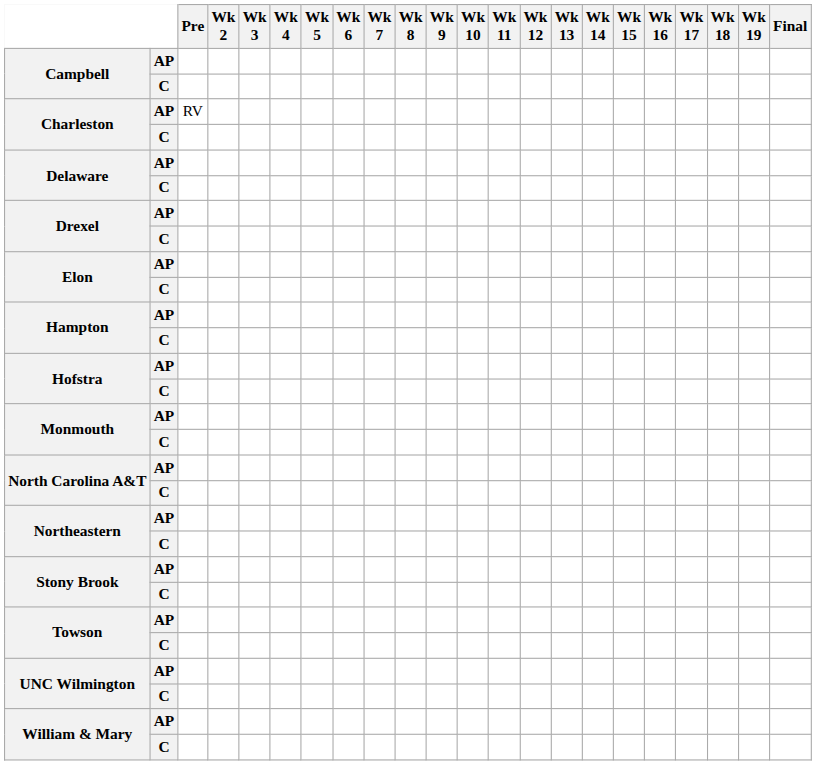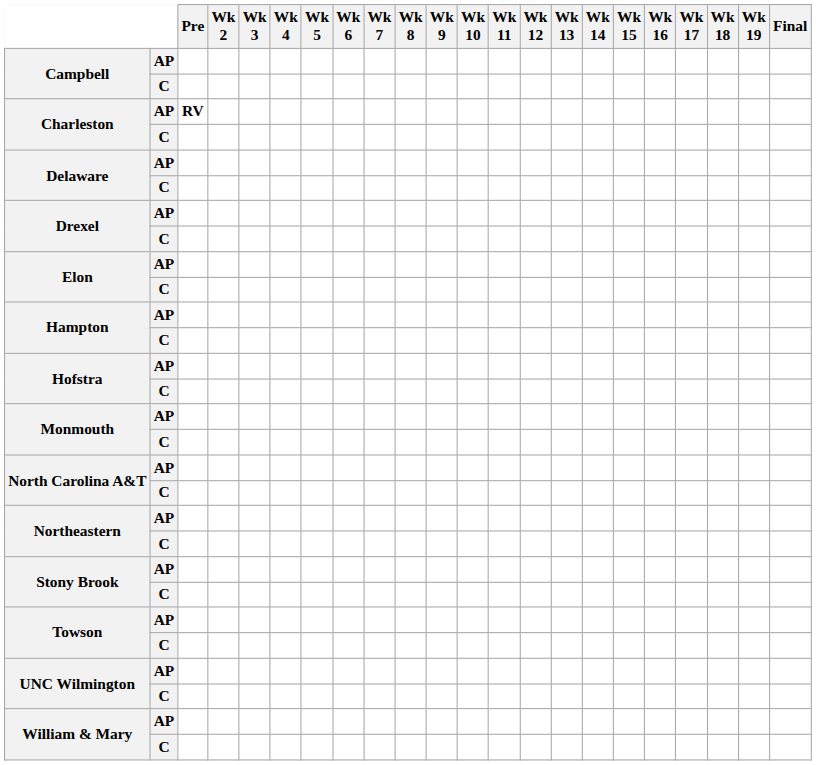 <table class="wikitable" style="white-space:nowrap;font-size:90%;">
 <tr>
 <th colspan="2" style="background:white; border-top-style:hidden; border-left-style:hidden;"> </th>
 <th>Pre</th>
 <th>Wk<br>2</th>
 <th>Wk<br>3</th>
 <th>Wk<br>4</th>
 <th>Wk<br>5</th>
 <th>Wk<br>6</th>
 <th>Wk<br>7</th>
 <th>Wk<br>8</th>
 <th>Wk<br>9</th>
 <th>Wk<br>10</th>
 <th>Wk<br>11</th>
 <th>Wk<br>12</th>
 <th>Wk<br>13</th>
 <th>Wk<br>14</th>
 <th>Wk<br>15</th>
 <th>Wk<br>16</th>
 <th>Wk<br>17</th>
 <th>Wk<br>18</th>
 <th>Wk<br>19</th>
 <th>Final</th>
 </tr>
 <tr style="text-align:center;">
 <th rowspan="2">Campbell</th>
 <th>AP</th>
 <td style="background:#FFF;"></td>
 <td style="background:#FFF;"></td>
 <td style="background:#FFF;"></td>
 <td style="background:#FFF;"></td>
 <td style="background:#FFF;"></td>
 <td style="background:#FFF;"></td>
 <td style="background:#FFF;"></td>
 <td style="background:#FFF;"></td>
 <td style="background:#FFF;"></td>
 <td style="background:#FFF;"></td>
 <td style="background:#FFF;"></td>
 <td style="background:#FFF;"></td>
 <td style="background:#FFF;"></td>
 <td style="background:#FFF;"></td>
 <td style="background:#FFF;"></td>
 <td style="background:#FFF;"></td>
 <td style="background:#FFF;"></td>
 <td style="background:#FFF;"></td>
 <td style="background:#FFF;"></td>
 <td style="background:#FFF;"></td>
 </tr>
 <tr style="text-align:center;">
 <th>C</th>
 <td style="background:#FFF;"></td>
 <td style="background:#FFF;"></td>
 <td style="background:#FFF;"></td>
 <td style="background:#FFF;"></td>
 <td style="background:#FFF;"></td>
 <td style="background:#FFF;"></td>
 <td style="background:#FFF;"></td>
 <td style="background:#FFF;"></td>
 <td style="background:#FFF;"></td>
 <td style="background:#FFF;"></td>
 <td style="background:#FFF;"></td>
 <td style="background:#FFF;"></td>
 <td style="background:#FFF;"></td>
 <td style="background:#FFF;"></td>
 <td style="background:#FFF;"></td>
 <td style="background:#FFF;"></td>
 <td style="background:#FFF;"></td>
 <td style="background:#FFF;"></td>
 <td style="background:#FFF;"></td>
 <td style="background:#FFF;"></td>
 </tr>
 <tr style="text-align:center;">
 <th rowspan="2">Charleston</th>
 <th>AP</th>
-<td style="background:#FFF;">RV</td>
+<td style="background:#FFF;"><strong>RV</strong></td>
 <td style="background:#FFF;"></td>
 <td style="background:#FFF;"></td>
 <td style="background:#FFF;"></td>
 <td style="background:#FFF;"></td>
 <td style="background:#FFF;"></td>
 <td style="background:#FFF;"></td>
 <td style="background:#FFF;"></td>
 <td style="background:#FFF;"></td>
 <td style="background:#FFF;"></td>
 <td style="background:#FFF;"></td>
 <td style="background:#FFF;"></td>
 <td style="background:#FFF;"></td>
 <td style="background:#FFF;"></td>
 <td style="background:#FFF;"></td>
 <td style="background:#FFF;"></td>
 <td style="background:#FFF;"></td>
 <td style="background:#FFF;"></td>
 <td style="background:#FFF;"></td>
 <td style="background:#FFF;"></td>
 </tr>
 <tr style="text-align:center;">
 <th>C</th>
 <td style="background:#FFF;"></td>
 <td style="background:#FFF;"></td>
 <td style="background:#FFF;"></td>
 <td style="background:#FFF;"></td>
 <td style="background:#FFF;"></td>
 <td style="background:#FFF;"></td>
 <td style="background:#FFF;"></td>
 <td style="background:#FFF;"></td>
 <td style="background:#FFF;"></td>
 <td style="background:#FFF;"></td>
 <td style="background:#FFF;"></td>
 <td style="background:#FFF;"></td>
 <td style="background:#FFF;"></td>
 <td style="background:#FFF;"></td>
 <td style="background:#FFF;"></td>
 <td style="background:#FFF;"></td>
 <td style="background:#FFF;"></td>
 <td style="background:#FFF;"></td>
 <td style="background:#FFF;"></td>
 <td style="background:#FFF;"></td>
 </tr>
 <tr style="text-align:center;">
 <th rowspan="2">Delaware</th>
 <th>AP</th>
 <td style="background:#FFF;"></td>
 <td style="background:#FFF;"></td>
 <td style="background:#FFF;"></td>
 <td style="background:#FFF;"></td>
 <td style="background:#FFF;"></td>
 <td style="background:#FFF;"></td>
 <td style="background:#FFF;"></td>
 <td style="background:#FFF;"></td>
 <td style="background:#FFF;"></td>
 <td style="background:#FFF;"></td>
 <td style="background:#FFF;"></td>
 <td style="background:#FFF;"></td>
 <td style="background:#FFF;"></td>
 <td style="background:#FFF;"></td>
 <td style="background:#FFF;"></td>
 <td style="background:#FFF;"></td>
 <td style="background:#FFF;"></td>
 <td style="background:#FFF;"></td>
 <td style="background:#FFF;"></td>
 <td style="background:#FFF;"></td>
 </tr>
 <tr style="text-align:center;">
 <th>C</th>
 <td style="background:#FFF;"></td>
 <td style="background:#FFF;"></td>
 <td style="background:#FFF;"></td>
 <td style="background:#FFF;"></td>
 <td style="background:#FFF;"></td>
 <td style="background:#FFF;"></td>
 <td style="background:#FFF;"></td>
 <td style="background:#FFF;"></td>
 <td style="background:#FFF;"></td>
 <td style="background:#FFF;"></td>
 <td style="background:#FFF;"></td>
 <td style="background:#FFF;"></td>
 <td style="background:#FFF;"></td>
 <td style="background:#FFF;"></td>
 <td style="background:#FFF;"></td>
 <td style="background:#FFF;"></td>
 <td style="background:#FFF;"></td>
 <td style="background:#FFF;"></td>
 <td style="background:#FFF;"></td>
 <td style="background:#FFF;"></td>
 </tr>
 <tr style="text-align:center;">
 <th rowspan="2">Drexel</th>
 <th>AP</th>
 <td style="background:#FFF;"></td>
 <td style="background:#FFF;"></td>
 <td style="background:#FFF;"></td>
 <td style="background:#FFF;"></td>
 <td style="background:#FFF;"></td>
 <td style="background:#FFF;"></td>
 <td style="background:#FFF;"></td>
 <td style="background:#FFF;"></td>
 <td style="background:#FFF;"></td>
 <td style="background:#FFF;"></td>
 <td style="background:#FFF;"></td>
 <td style="background:#FFF;"></td>
 <td style="background:#FFF;"></td>
 <td style="background:#FFF;"></td>
 <td style="background:#FFF;"></td>
 <td style="background:#FFF;"></td>
 <td style="background:#FFF;"></td>
 <td style="background:#FFF;"></td>
 <td style="background:#FFF;"></td>
 <td style="background:#FFF;"></td>
 </tr>
 <tr style="text-align:center;">
 <th>C</th>
 <td style="background:#FFF;"></td>
 <td style="background:#FFF;"></td>
 <td style="background:#FFF;"></td>
 <td style="background:#FFF;"></td>
 <td style="background:#FFF;"></td>
 <td style="background:#FFF;"></td>
 <td style="background:#FFF;"></td>
 <td style="background:#FFF;"></td>
 <td style="background:#FFF;"></td>
 <td style="background:#FFF;"></td>
 <td style="background:#FFF;"></td>
 <td style="background:#FFF;"></td>
 <td style="background:#FFF;"></td>
 <td style="background:#FFF;"></td>
 <td style="background:#FFF;"></td>
 <td style="background:#FFF;"></td>
 <td style="background:#FFF;"></td>
 <td style="background:#FFF;"></td>
 <td style="background:#FFF;"></td>
 <td style="background:#FFF;"></td>
 </tr>
 <tr style="text-align:center;">
 <th rowspan="2">Elon</th>
 <th>AP</th>
 <td style="background:#FFF;"></td>
 <td style="background:#FFF;"></td>
 <td style="background:#FFF;"></td>
 <td style="background:#FFF;"></td>
 <td style="background:#FFF;"></td>
 <td style="background:#FFF;"></td>
 <td style="background:#FFF;"></td>
 <td style="background:#FFF;"></td>
 <td style="background:#FFF;"></td>
 <td style="background:#FFF;"></td>
 <td style="background:#FFF;"></td>
 <td style="background:#FFF;"></td>
 <td style="background:#FFF;"></td>
 <td style="background:#FFF;"></td>
 <td style="background:#FFF;"></td>
 <td style="background:#FFF;"></td>
 <td style="background:#FFF;"></td>
 <td style="background:#FFF;"></td>
 <td style="background:#FFF;"></td>
 <td style="background:#FFF;"></td>
 </tr>
 <tr style="text-align:center;">
 <th>C</th>
 <td style="background:#FFF;"></td>
 <td style="background:#FFF;"></td>
 <td style="background:#FFF;"></td>
 <td style="background:#FFF;"></td>
 <td style="background:#FFF;"></td>
 <td style="background:#FFF;"></td>
 <td style="background:#FFF;"></td>
 <td style="background:#FFF;"></td>
 <td style="background:#FFF;"></td>
 <td style="background:#FFF;"></td>
 <td style="background:#FFF;"></td>
 <td style="background:#FFF;"></td>
 <td style="background:#FFF;"></td>
 <td style="background:#FFF;"></td>
 <td style="background:#FFF;"></td>
 <td style="background:#FFF;"></td>
 <td style="background:#FFF;"></td>
 <td style="background:#FFF;"></td>
 <td style="background:#FFF;"></td>
 <td style="background:#FFF;"></td>
 </tr>
 <tr style="text-align:center;">
 <th rowspan="2">Hampton</th>
 <th>AP</th>
 <td style="background:#FFF;"></td>
 <td style="background:#FFF;"></td>
 <td style="background:#FFF;"></td>
 <td style="background:#FFF;"></td>
 <td style="background:#FFF;"></td>
 <td style="background:#FFF;"></td>
 <td style="background:#FFF;"></td>
 <td style="background:#FFF;"></td>
 <td style="background:#FFF;"></td>
 <td style="background:#FFF;"></td>
 <td style="background:#FFF;"></td>
 <td style="background:#FFF;"></td>
 <td style="background:#FFF;"></td>
 <td style="background:#FFF;"></td>
 <td style="background:#FFF;"></td>
 <td style="background:#FFF;"></td>
 <td style="background:#FFF;"></td>
 <td style="background:#FFF;"></td>
 <td style="background:#FFF;"></td>
 <td style="background:#FFF;"></td>
 </tr>
 <tr style="text-align:center;">
 <th>C</th>
 <td style="background:#FFF;"></td>
 <td style="background:#FFF;"></td>
 <td style="background:#FFF;"></td>
 <td style="background:#FFF;"></td>
 <td style="background:#FFF;"></td>
 <td style="background:#FFF;"></td>
 <td style="background:#FFF;"></td>
 <td style="background:#FFF;"></td>
 <td style="background:#FFF;"></td>
 <td style="background:#FFF;"></td>
 <td style="background:#FFF;"></td>
 <td style="background:#FFF;"></td>
 <td style="background:#FFF;"></td>
 <td style="background:#FFF;"></td>
 <td style="background:#FFF;"></td>
 <td style="background:#FFF;"></td>
 <td style="background:#FFF;"></td>
 <td style="background:#FFF;"></td>
 <td style="background:#FFF;"></td>
 <td style="background:#FFF;"></td>
 </tr>
 <tr style="text-align:center;">
 <th rowspan="2">Hofstra</th>
 <th>AP</th>
 <td style="background:#FFF;"></td>
 <td style="background:#FFF;"></td>
 <td style="background:#FFF;"></td>
 <td style="background:#FFF;"></td>
 <td style="background:#FFF;"></td>
 <td style="background:#FFF;"></td>
 <td style="background:#FFF;"></td>
 <td style="background:#FFF;"></td>
 <td style="background:#FFF;"></td>
 <td style="background:#FFF;"></td>
 <td style="background:#FFF;"></td>
 <td style="background:#FFF;"></td>
 <td style="background:#FFF;"></td>
 <td style="background:#FFF;"></td>
 <td style="background:#FFF;"></td>
 <td style="background:#FFF;"></td>
 <td style="background:#FFF;"></td>
 <td style="background:#FFF;"></td>
 <td style="background:#FFF;"></td>
 <td style="background:#FFF;"></td>
 </tr>
 <tr style="text-align:center;">
 <th>C</th>
 <td style="background:#FFF;"></td>
 <td style="background:#FFF;"></td>
 <td style="background:#FFF;"></td>
 <td style="background:#FFF;"></td>
 <td style="background:#FFF;"></td>
 <td style="background:#FFF;"></td>
 <td style="background:#FFF;"></td>
 <td style="background:#FFF;"></td>
 <td style="background:#FFF;"></td>
 <td style="background:#FFF;"></td>
 <td style="background:#FFF;"></td>
 <td style="background:#FFF;"></td>
 <td style="background:#FFF;"></td>
 <td style="background:#FFF;"></td>
 <td style="background:#FFF;"></td>
 <td style="background:#FFF;"></td>
 <td style="background:#FFF;"></td>
 <td style="background:#FFF;"></td>
 <td style="background:#FFF;"></td>
 <td style="background:#FFF;"></td>
 </tr>
 <tr style="text-align:center;">
 <th rowspan="2">Monmouth</th>
 <th>AP</th>
 <td style="background:#FFF;"></td>
 <td style="background:#FFF;"></td>
 <td style="background:#FFF;"></td>
 <td style="background:#FFF;"></td>
 <td style="background:#FFF;"></td>
 <td style="background:#FFF;"></td>
 <td style="background:#FFF;"></td>
 <td style="background:#FFF;"></td>
 <td style="background:#FFF;"></td>
 <td style="background:#FFF;"></td>
 <td style="background:#FFF;"></td>
 <td style="background:#FFF;"></td>
 <td style="background:#FFF;"></td>
 <td style="background:#FFF;"></td>
 <td style="background:#FFF;"></td>
 <td style="background:#FFF;"></td>
 <td style="background:#FFF;"></td>
 <td style="background:#FFF;"></td>
 <td style="background:#FFF;"></td>
 <td style="background:#FFF;"></td>
 </tr>
 <tr style="text-align:center;">
 <th>C</th>
 <td style="background:#FFF;"></td>
 <td style="background:#FFF;"></td>
 <td style="background:#FFF;"></td>
 <td style="background:#FFF;"></td>
 <td style="background:#FFF;"></td>
 <td style="background:#FFF;"></td>
 <td style="background:#FFF;"></td>
 <td style="background:#FFF;"></td>
 <td style="background:#FFF;"></td>
 <td style="background:#FFF;"></td>
 <td style="background:#FFF;"></td>
 <td style="background:#FFF;"></td>
 <td style="background:#FFF;"></td>
 <td style="background:#FFF;"></td>
 <td style="background:#FFF;"></td>
 <td style="background:#FFF;"></td>
 <td style="background:#FFF;"></td>
 <td style="background:#FFF;"></td>
 <td style="background:#FFF;"></td>
 <td style="background:#FFF;"></td>
 </tr>
 <tr style="text-align:center;">
 <th rowspan="2">North Carolina A&T</th>
 <th>AP</th>
 <td style="background:#FFF;"></td>
 <td style="background:#FFF;"></td>
 <td style="background:#FFF;"></td>
 <td style="background:#FFF;"></td>
 <td style="background:#FFF;"></td>
 <td style="background:#FFF;"></td>
 <td style="background:#FFF;"></td>
 <td style="background:#FFF;"></td>
 <td style="background:#FFF;"></td>
 <td style="background:#FFF;"></td>
 <td style="background:#FFF;"></td>
 <td style="background:#FFF;"></td>
 <td style="background:#FFF;"></td>
 <td style="background:#FFF;"></td>
 <td style="background:#FFF;"></td>
 <td style="background:#FFF;"></td>
 <td style="background:#FFF;"></td>
 <td style="background:#FFF;"></td>
 <td style="background:#FFF;"></td>
 <td style="background:#FFF;"></td>
 </tr>
 <tr style="text-align:center;">
 <th>C</th>
 <td style="background:#FFF;"></td>
 <td style="background:#FFF;"></td>
 <td style="background:#FFF;"></td>
 <td style="background:#FFF;"></td>
 <td style="background:#FFF;"></td>
 <td style="background:#FFF;"></td>
 <td style="background:#FFF;"></td>
 <td style="background:#FFF;"></td>
 <td style="background:#FFF;"></td>
 <td style="background:#FFF;"></td>
 <td style="background:#FFF;"></td>
 <td style="background:#FFF;"></td>
 <td style="background:#FFF;"></td>
 <td style="background:#FFF;"></td>
 <td style="background:#FFF;"></td>
 <td style="background:#FFF;"></td>
 <td style="background:#FFF;"></td>
 <td style="background:#FFF;"></td>
 <td style="background:#FFF;"></td>
 <td style="background:#FFF;"></td>
 </tr>
 <tr style="text-align:center;">
 <th rowspan="2">Northeastern</th>
 <th>AP</th>
 <td style="background:#FFF;"></td>
 <td style="background:#FFF;"></td>
 <td style="background:#FFF;"></td>
 <td style="background:#FFF;"></td>
 <td style="background:#FFF;"></td>
 <td style="background:#FFF;"></td>
 <td style="background:#FFF;"></td>
 <td style="background:#FFF;"></td>
 <td style="background:#FFF;"></td>
 <td style="background:#FFF;"></td>
 <td style="background:#FFF;"></td>
 <td style="background:#FFF;"></td>
 <td style="background:#FFF;"></td>
 <td style="background:#FFF;"></td>
 <td style="background:#FFF;"></td>
 <td style="background:#FFF;"></td>
 <td style="background:#FFF;"></td>
 <td style="background:#FFF;"></td>
 <td style="background:#FFF;"></td>
 <td style="background:#FFF;"></td>
 </tr>
 <tr style="text-align:center;">
 <th>C</th>
 <td style="background:#FFF;"></td>
 <td style="background:#FFF;"></td>
 <td style="background:#FFF;"></td>
 <td style="background:#FFF;"></td>
 <td style="background:#FFF;"></td>
 <td style="background:#FFF;"></td>
 <td style="background:#FFF;"></td>
 <td style="background:#FFF;"></td>
 <td style="background:#FFF;"></td>
 <td style="background:#FFF;"></td>
 <td style="background:#FFF;"></td>
 <td style="background:#FFF;"></td>
 <td style="background:#FFF;"></td>
 <td style="background:#FFF;"></td>
 <td style="background:#FFF;"></td>
 <td style="background:#FFF;"></td>
 <td style="background:#FFF;"></td>
 <td style="background:#FFF;"></td>
 <td style="background:#FFF;"></td>
 <td style="background:#FFF;"></td>
 </tr>
 <tr style="text-align:center;">
 <th rowspan="2">Stony Brook</th>
 <th>AP</th>
 <td style="background:#FFF;"></td>
 <td style="background:#FFF;"></td>
 <td style="background:#FFF;"></td>
 <td style="background:#FFF;"></td>
 <td style="background:#FFF;"></td>
 <td style="background:#FFF;"></td>
 <td style="background:#FFF;"></td>
 <td style="background:#FFF;"></td>
 <td style="background:#FFF;"></td>
 <td style="background:#FFF;"></td>
 <td style="background:#FFF;"></td>
 <td style="background:#FFF;"></td>
 <td style="background:#FFF;"></td>
 <td style="background:#FFF;"></td>
 <td style="background:#FFF;"></td>
 <td style="background:#FFF;"></td>
 <td style="background:#FFF;"></td>
 <td style="background:#FFF;"></td>
 <td style="background:#FFF;"></td>
 <td style="background:#FFF;"></td>
 </tr>
 <tr style="text-align:center;">
 <th>C</th>
 <td style="background:#FFF;"></td>
 <td style="background:#FFF;"></td>
 <td style="background:#FFF;"></td>
 <td style="background:#FFF;"></td>
 <td style="background:#FFF;"></td>
 <td style="background:#FFF;"></td>
 <td style="background:#FFF;"></td>
 <td style="background:#FFF;"></td>
 <td style="background:#FFF;"></td>
 <td style="background:#FFF;"></td>
 <td style="background:#FFF;"></td>
 <td style="background:#FFF;"></td>
 <td style="background:#FFF;"></td>
 <td style="background:#FFF;"></td>
 <td style="background:#FFF;"></td>
 <td style="background:#FFF;"></td>
 <td style="background:#FFF;"></td>
 <td style="background:#FFF;"></td>
 <td style="background:#FFF;"></td>
 <td style="background:#FFF;"></td>
 </tr>
 <tr style="text-align:center;">
 <th rowspan="2">Towson</th>
 <th>AP</th>
 <td style="background:#FFF;"></td>
 <td style="background:#FFF;"></td>
 <td style="background:#FFF;"></td>
 <td style="background:#FFF;"></td>
 <td style="background:#FFF;"></td>
 <td style="background:#FFF;"></td>
 <td style="background:#FFF;"></td>
 <td style="background:#FFF;"></td>
 <td style="background:#FFF;"></td>
 <td style="background:#FFF;"></td>
 <td style="background:#FFF;"></td>
 <td style="background:#FFF;"></td>
 <td style="background:#FFF;"></td>
 <td style="background:#FFF;"></td>
 <td style="background:#FFF;"></td>
 <td style="background:#FFF;"></td>
 <td style="background:#FFF;"></td>
 <td style="background:#FFF;"></td>
 <td style="background:#FFF;"></td>
 <td style="background:#FFF;"></td>
 </tr>
 <tr style="text-align:center;">
 <th>C</th>
 <td style="background:#FFF;"></td>
 <td style="background:#FFF;"></td>
 <td style="background:#FFF;"></td>
 <td style="background:#FFF;"></td>
 <td style="background:#FFF;"></td>
 <td style="background:#FFF;"></td>
 <td style="background:#FFF;"></td>
 <td style="background:#FFF;"></td>
 <td style="background:#FFF;"></td>
 <td style="background:#FFF;"></td>
 <td style="background:#FFF;"></td>
 <td style="background:#FFF;"></td>
 <td style="background:#FFF;"></td>
 <td style="background:#FFF;"></td>
 <td style="background:#FFF;"></td>
 <td style="background:#FFF;"></td>
 <td style="background:#FFF;"></td>
 <td style="background:#FFF;"></td>
 <td style="background:#FFF;"></td>
 <td style="background:#FFF;"></td>
 </tr>
 <tr style="text-align:center;">
 <th rowspan="2">UNC Wilmington</th>
 <th>AP</th>
 <td style="background:#FFF;"></td>
 <td style="background:#FFF;"></td>
 <td style="background:#FFF;"></td>
 <td style="background:#FFF;"></td>
 <td style="background:#FFF;"></td>
 <td style="background:#FFF;"></td>
 <td style="background:#FFF;"></td>
 <td style="background:#FFF;"></td>
 <td style="background:#FFF;"></td>
 <td style="background:#FFF;"></td>
 <td style="background:#FFF;"></td>
 <td style="background:#FFF;"></td>
 <td style="background:#FFF;"></td>
 <td style="background:#FFF;"></td>
 <td style="background:#FFF;"></td>
 <td style="background:#FFF;"></td>
 <td style="background:#FFF;"></td>
 <td style="background:#FFF;"></td>
 <td style="background:#FFF;"></td>
 <td style="background:#FFF;"></td>
 </tr>
 <tr style="text-align:center;">
 <th>C</th>
 <td style="background:#FFF;"></td>
 <td style="background:#FFF;"></td>
 <td style="background:#FFF;"></td>
 <td style="background:#FFF;"></td>
 <td style="background:#FFF;"></td>
 <td style="background:#FFF;"></td>
 <td style="background:#FFF;"></td>
 <td style="background:#FFF;"></td>
 <td style="background:#FFF;"></td>
 <td style="background:#FFF;"></td>
 <td style="background:#FFF;"></td>
 <td style="background:#FFF;"></td>
 <td style="background:#FFF;"></td>
 <td style="background:#FFF;"></td>
 <td style="background:#FFF;"></td>
 <td style="background:#FFF;"></td>
 <td style="background:#FFF;"></td>
 <td style="background:#FFF;"></td>
 <td style="background:#FFF;"></td>
 <td style="background:#FFF;"></td>
 </tr>
 <tr style="text-align:center;">
 <th rowspan="2">William & Mary</th>
 <th>AP</th>
 <td style="background:#FFF;"></td>
 <td style="background:#FFF;"></td>
 <td style="background:#FFF;"></td>
 <td style="background:#FFF;"></td>
 <td style="background:#FFF;"></td>
 <td style="background:#FFF;"></td>
 <td style="background:#FFF;"></td>
 <td style="background:#FFF;"></td>
 <td style="background:#FFF;"></td>
 <td style="background:#FFF;"></td>
 <td style="background:#FFF;"></td>
 <td style="background:#FFF;"></td>
 <td style="background:#FFF;"></td>
 <td style="background:#FFF;"></td>
 <td style="background:#FFF;"></td>
 <td style="background:#FFF;"></td>
 <td style="background:#FFF;"></td>
 <td style="background:#FFF;"></td>
 <td style="background:#FFF;"></td>
 <td style="background:#FFF;"></td>
 </tr>
 <tr style="text-align:center;">
 <th>C</th>
 <td style="background:#FFF;"></td>
 <td style="background:#FFF;"></td>
 <td style="background:#FFF;"></td>
 <td style="background:#FFF;"></td>
 <td style="background:#FFF;"></td>
 <td style="background:#FFF;"></td>
 <td style="background:#FFF;"></td>
 <td style="background:#FFF;"></td>
 <td style="background:#FFF;"></td>
 <td style="background:#FFF;"></td>
 <td style="background:#FFF;"></td>
 <td style="background:#FFF;"></td>
 <td style="background:#FFF;"></td>
 <td style="background:#FFF;"></td>
 <td style="background:#FFF;"></td>
 <td style="background:#FFF;"></td>
 <td style="background:#FFF;"></td>
 <td style="background:#FFF;"></td>
 <td style="background:#FFF;"></td>
 <td style="background:#FFF;"></td>
 </tr>
 </table>
